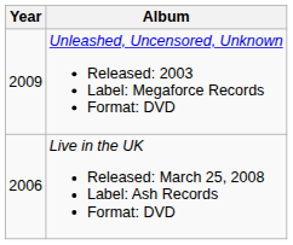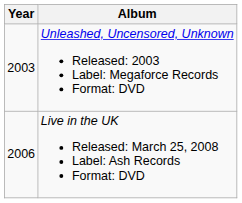 <table class="wikitable">
 <tr>
 <th>Year</th>
 <th>Album</th>
 </tr>
 <tr>
-<td>2009</td>
+<td>2003</td>
 <td><em><a href='#'>Unleashed, Uncensored, Unknown</a></em><br><ul><li>Released: 2003</li><li>Label: Megaforce Records</li><li>Format: DVD</li></ul></td>
 </tr>
 <tr>
 <td>2006</td>
 <td><em>Live in the UK</em><br><ul><li>Released: March 25, 2008</li><li>Label: Ash Records</li><li>Format: DVD</li></ul></td>
 </tr>
 </table>
